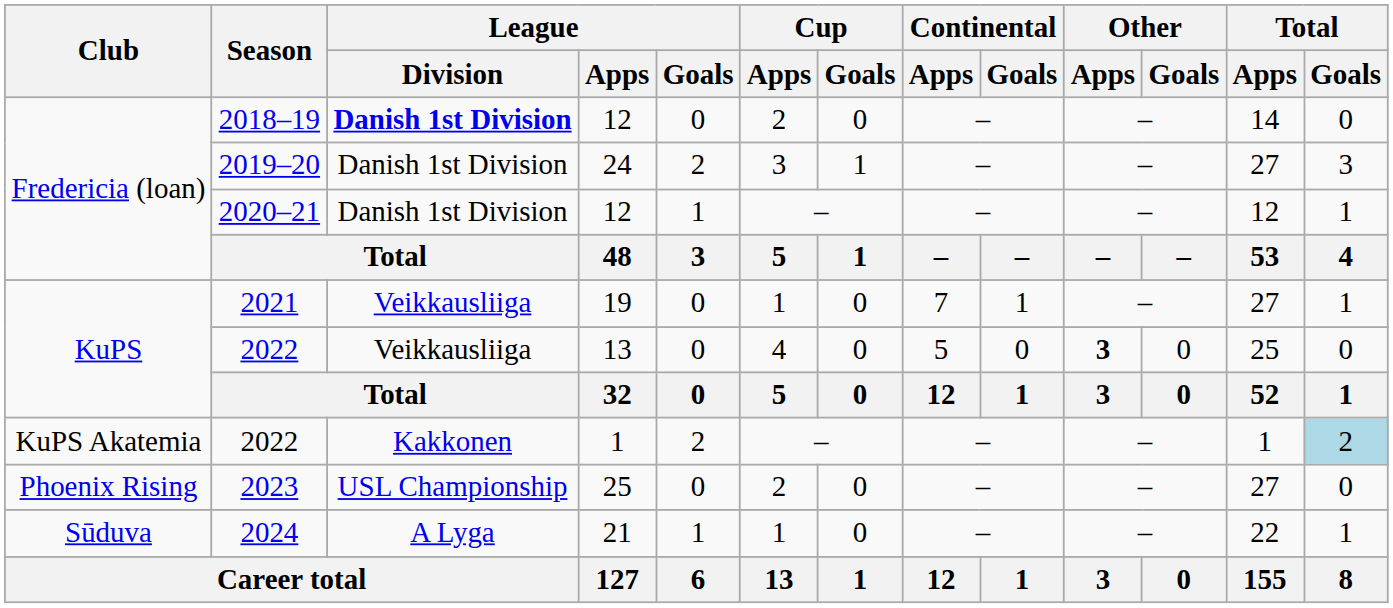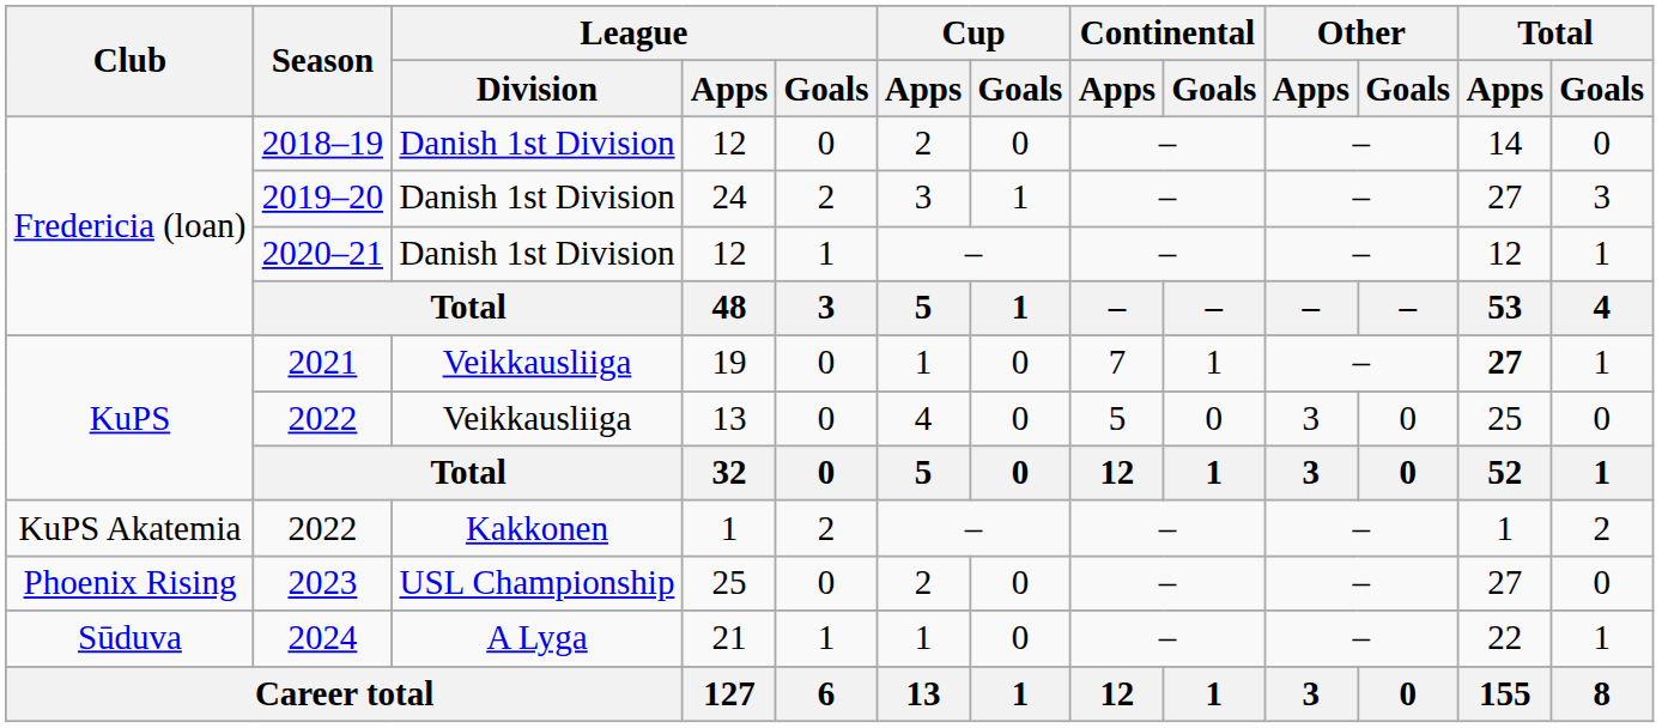 <table class="wikitable" style="text-align:center">
 <tr>
 <th rowspan="2">Club</th>
 <th rowspan="2">Season</th>
 <th colspan="3">League</th>
 <th colspan="2">Cup</th>
 <th colspan="2">Continental</th>
 <th colspan="2">Other</th>
 <th colspan="2">Total</th>
 </tr>
 <tr>
 <th>Division</th>
 <th>Apps</th>
 <th>Goals</th>
 <th>Apps</th>
 <th>Goals</th>
 <th>Apps</th>
 <th>Goals</th>
 <th>Apps</th>
 <th>Goals</th>
 <th>Apps</th>
 <th>Goals</th>
 </tr>
 <tr>
 <td rowspan="4"><a href='#'>Fredericia</a> (loan)</td>
 <td><a href='#'>2018–19</a></td>
-<td><strong><a href='#'>Danish 1st Division</a></strong></td>
+<td><a href='#'>Danish 1st Division</a></td>
 <td>12</td>
 <td>0</td>
 <td>2</td>
 <td>0</td>
 <td colspan="2">–</td>
 <td colspan="2">–</td>
 <td>14</td>
 <td>0</td>
 </tr>
 <tr>
 <td><a href='#'>2019–20</a></td>
 <td>Danish 1st Division</td>
 <td>24</td>
 <td>2</td>
 <td>3</td>
 <td>1</td>
 <td colspan="2">–</td>
 <td colspan="2">–</td>
 <td>27</td>
 <td>3</td>
 </tr>
 <tr>
 <td><a href='#'>2020–21</a></td>
 <td>Danish 1st Division</td>
 <td>12</td>
 <td>1</td>
 <td colspan="2">–</td>
 <td colspan="2">–</td>
 <td colspan="2">–</td>
 <td>12</td>
 <td>1</td>
 </tr>
 <tr>
 <th colspan="2">Total</th>
 <th>48</th>
 <th>3</th>
 <th>5</th>
 <th>1</th>
 <th>–</th>
 <th>–</th>
 <th>–</th>
 <th>–</th>
 <th>53</th>
 <th>4</th>
 </tr>
 <tr>
 <td rowspan="3"><a href='#'>KuPS</a></td>
 <td><a href='#'>2021</a></td>
 <td><a href='#'>Veikkausliiga</a></td>
 <td>19</td>
 <td>0</td>
 <td>1</td>
 <td>0</td>
 <td>7</td>
 <td>1</td>
 <td colspan="2">–</td>
-<td>27</td>
+<td><strong>27</strong></td>
 <td>1</td>
 </tr>
 <tr>
 <td><a href='#'>2022</a></td>
 <td>Veikkausliiga</td>
 <td>13</td>
 <td>0</td>
 <td>4</td>
 <td>0</td>
 <td>5</td>
 <td>0</td>
-<td><strong>3</strong></td>
+<td>3</td>
 <td>0</td>
 <td>25</td>
 <td>0</td>
 </tr>
 <tr>
 <th colspan="2">Total</th>
 <th>32</th>
 <th>0</th>
 <th>5</th>
 <th>0</th>
 <th>12</th>
 <th>1</th>
 <th>3</th>
 <th>0</th>
 <th>52</th>
 <th>1</th>
 </tr>
 <tr>
 <td>KuPS Akatemia</td>
 <td>2022</td>
 <td><a href='#'>Kakkonen</a></td>
 <td>1</td>
 <td>2</td>
 <td colspan="2">–</td>
 <td colspan="2">–</td>
 <td colspan="2">–</td>
 <td>1</td>
-<td style="background: lightblue;">2</td>
+<td>2</td>
 </tr>
 <tr>
 <td><a href='#'>Phoenix Rising</a></td>
 <td><a href='#'>2023</a></td>
 <td><a href='#'>USL Championship</a></td>
 <td>25</td>
 <td>0</td>
 <td>2</td>
 <td>0</td>
 <td colspan="2">–</td>
 <td colspan="2">–</td>
 <td>27</td>
 <td>0</td>
 </tr>
 <tr>
 <td><a href='#'>Sūduva</a></td>
 <td><a href='#'>2024</a></td>
 <td><a href='#'>A Lyga</a></td>
 <td>21</td>
 <td>1</td>
 <td>1</td>
 <td>0</td>
 <td colspan="2">–</td>
 <td colspan="2">–</td>
 <td>22</td>
 <td>1</td>
 </tr>
 <tr>
 <th colspan="3">Career total</th>
 <th>127</th>
 <th>6</th>
 <th>13</th>
 <th>1</th>
 <th>12</th>
 <th>1</th>
 <th>3</th>
 <th>0</th>
 <th>155</th>
 <th>8</th>
 </tr>
 </table>
